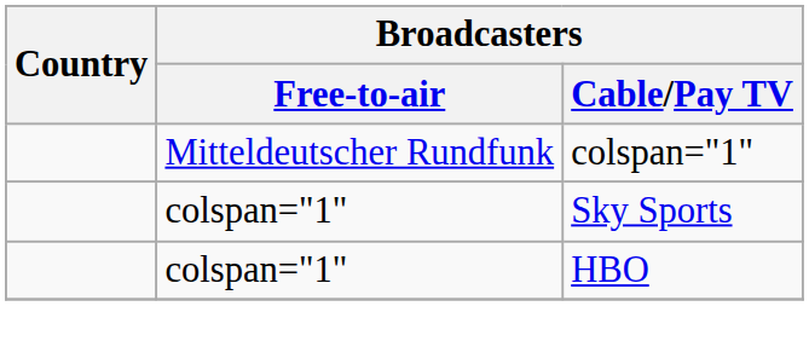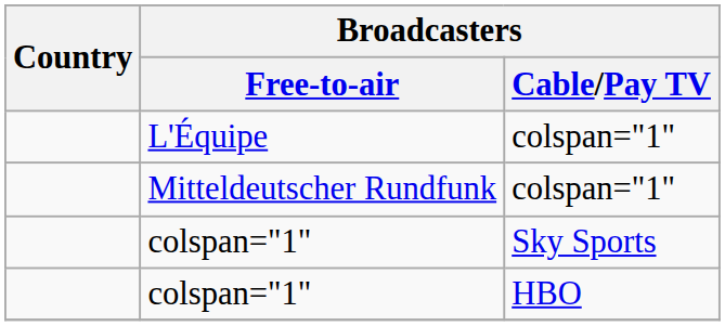 <table class="wikitable">
 <tr>
 <th rowspan="2">Country</th>
 <th colspan="2">Broadcasters</th>
 </tr>
 <tr>
 <th><a href='#'>Free-to-air</a></th>
 <th><a href='#'>Cable</a>/<a href='#'>Pay TV</a></th>
+</tr>
+<tr>
+<td></td>
+<td><a href='#'>L'Équipe</a></td>
+<td>colspan="1" </td>
 </tr>
 <tr>
 <td></td>
 <td><a href='#'>Mitteldeutscher Rundfunk</a></td>
 <td>colspan="1" </td>
 </tr>
 <tr>
 <td></td>
 <td>colspan="1" </td>
 <td><a href='#'>Sky Sports</a></td>
 </tr>
 <tr>
 <td></td>
 <td>colspan="1" </td>
 <td><a href='#'>HBO</a></td>
 </tr>
 <tr>
 </tr>
 </table>
